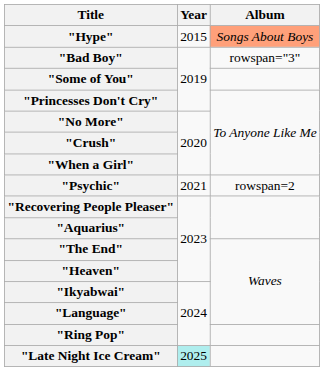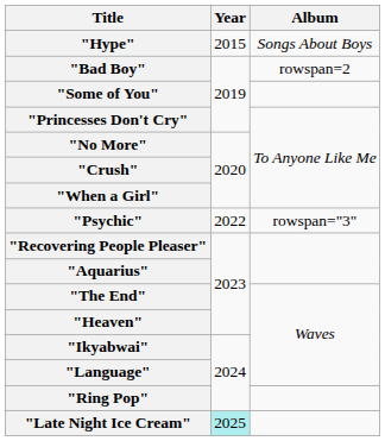 <table class="wikitable plainrowheaders" style="text-align:center;" border="1">
 <tr>
 <th scope="col">Title</th>
 <th scope="col">Year</th>
 <th scope="col">Album</th>
 </tr>
 <tr>
 <th scope="row">"Hype"</th>
 <td>2015</td>
-<td style="background: lightsalmon;"><em>Songs About Boys</em></td>
+<td><em>Songs About Boys</em></td>
 </tr>
 <tr>
 <th scope="row">"Bad Boy"</th>
 <td rowspan="3">2019</td>
-<td>rowspan="3" </td>
+<td>rowspan=2 </td>
 </tr>
 <tr>
 <th scope="row">"Some of You"</th>
 </tr>
 <tr>
 <th scope="row">"Princesses Don't Cry"</th>
 <td rowspan="4"><em>To Anyone Like Me</em></td>
 </tr>
 <tr>
 <th scope="row">"No More"</th>
 <td rowspan="3">2020</td>
 </tr>
 <tr>
 <th scope="row">"Crush"</th>
 </tr>
 <tr>
 <th scope="row">"When a Girl"</th>
 </tr>
 <tr>
 <th scope="row">"Psychic"</th>
-<td>2021</td>
-<td>rowspan=2 </td>
+<td>2022</td>
+<td>rowspan="3" </td>
 </tr>
 <tr>
 <th scope="row">"Recovering People Pleaser"</th>
 <td rowspan="4">2023</td>
 </tr>
 <tr>
 <th scope="row">"Aquarius"</th>
 </tr>
 <tr>
 <th scope="row">"The End"</th>
 <td rowspan="4"><em>Waves</em></td>
 </tr>
 <tr>
 <th scope="row">"Heaven"</th>
 </tr>
 <tr>
 <th scope="row">"Ikyabwai"</th>
 <td rowspan="3">2024</td>
 </tr>
 <tr>
 <th scope="row">"Language"</th>
 </tr>
 <tr>
 <th scope="row">"Ring Pop"<br></th>
 <td></td>
 </tr>
 <tr>
 <th scope="row">"Late Night Ice Cream"</th>
 <td style="background: paleturquoise;">2025</td>
 <td></td>
 </tr>
 </table>
